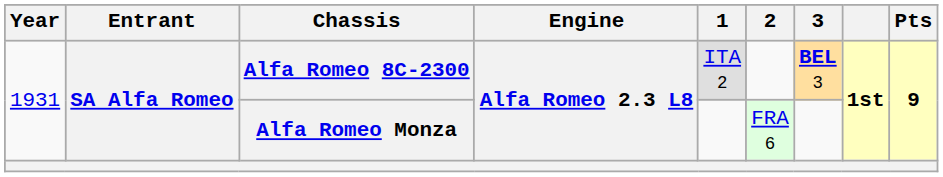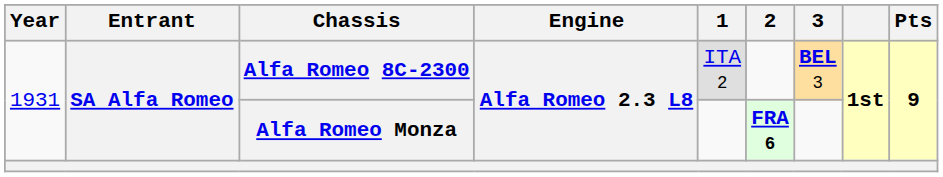 <table class="wikitable" style="text-align:center; font-size:90%">
 <tr>
 <th>Year</th>
 <th>Entrant</th>
 <th>Chassis</th>
 <th>Engine</th>
 <th>1</th>
 <th>2</th>
 <th>3</th>
 <th></th>
 <th>Pts</th>
 </tr>
 <tr>
 <td rowspan=2><a href='#'>1931</a></td>
 <th rowspan=2><a href='#'>SA Alfa Romeo</a></th>
 <th><a href='#'>Alfa Romeo</a> <a href='#'>8C-2300</a></th>
 <th rowspan=2><a href='#'>Alfa Romeo</a> 2.3 <a href='#'>L8</a></th>
 <td style="background:#DFDFDF;"><a href='#'>ITA</a><br><small>2</small></td>
 <td></td>
 <td style="background:#FFDF9F;"><strong><a href='#'>BEL</a></strong><br><small>3</small></td>
 <th rowspan=2 style="background:#FFFFBF;">1st</th>
 <th rowspan=2 style="background:#FFFFBF;">9</th>
 </tr>
 <tr>
 <th><a href='#'>Alfa Romeo</a> Monza</th>
 <td></td>
-<td style="background:#DFFFDF;"><a href='#'>FRA</a><br><small>6</small></td>
+<td style="background:#DFFFDF;"><strong><a href='#'>FRA</a><br><small>6</small></strong></td>
 <td></td>
 </tr>
 <tr>
 <th colspan=13></th>
 </tr>
 </table>
